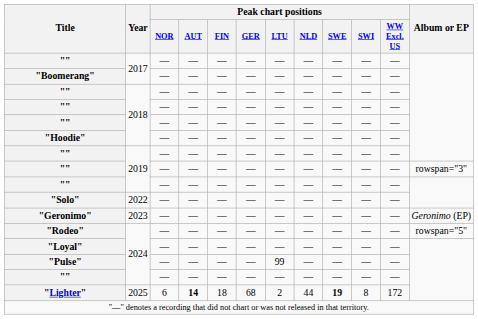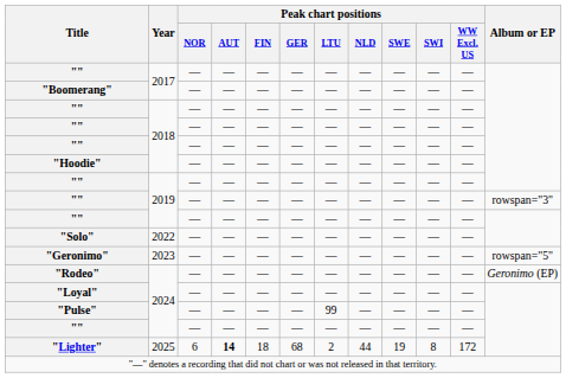 <table class="wikitable plainrowheaders" style="text-align:center;">
 <tr>
 <th scope="col" rowspan="2" style="width:12em;">Title</th>
 <th scope="col" rowspan="2">Year</th>
 <th scope="col" colspan="9">Peak chart positions</th>
 <th scope="col" rowspan="2">Album or EP</th>
 </tr>
 <tr>
 <th scope="col" style="width:3em;font-size:85%;"><a href='#'>NOR</a><br></th>
 <th scope="col" style="width:3em;font-size:85%;"><a href='#'>AUT</a><br></th>
 <th scope="col" style="width:3em;font-size:85%;"><a href='#'>FIN</a><br></th>
 <th scope="col" style="width:3em;font-size:85%;"><a href='#'>GER</a><br></th>
 <th scope="col" style="width:3em;font-size:85%;"><a href='#'>LTU</a><br></th>
 <th scope="col" style="width:3em;font-size:85%;"><a href='#'>NLD</a><br></th>
 <th scope="col" style="width:3em;font-size:85%;"><a href='#'>SWE</a><br></th>
 <th scope="col" style="width:3em;font-size:85%;"><a href='#'>SWI</a><br></th>
 <th scope="col" style="width:3em;font-size:85%;"><a href='#'>WW<br>Excl.<br>US</a><br></th>
 </tr>
 <tr>
 <th scope="row">""</th>
 <td rowspan="2">2017</td>
 <td>—</td>
 <td>—</td>
 <td>—</td>
 <td>—</td>
 <td>—</td>
 <td>—</td>
 <td>—</td>
 <td>—</td>
 <td>—</td>
 <td rowspan="7"></td>
 </tr>
 <tr>
 <th scope="row">"Boomerang"</th>
 <td>—</td>
 <td>—</td>
 <td>—</td>
 <td>—</td>
 <td>—</td>
 <td>—</td>
 <td>—</td>
 <td>—</td>
 <td>—</td>
 </tr>
 <tr>
 <th scope="row">""</th>
 <td rowspan="4">2018</td>
 <td>—</td>
 <td>—</td>
 <td>—</td>
 <td>—</td>
 <td>—</td>
 <td>—</td>
 <td>—</td>
 <td>—</td>
 <td>—</td>
 </tr>
 <tr>
 <th scope="row">""</th>
 <td>—</td>
 <td>—</td>
 <td>—</td>
 <td>—</td>
 <td>—</td>
 <td>—</td>
 <td>—</td>
 <td>—</td>
 <td>—</td>
 </tr>
 <tr>
 <th scope="row">""</th>
 <td>—</td>
 <td>—</td>
 <td>—</td>
 <td>—</td>
 <td>—</td>
 <td>—</td>
 <td>—</td>
 <td>—</td>
 <td>—</td>
 </tr>
 <tr>
 <th scope="row">"Hoodie"</th>
 <td>—</td>
 <td>—</td>
 <td>—</td>
 <td>—</td>
 <td>—</td>
 <td>—</td>
 <td>—</td>
 <td>—</td>
 <td>—</td>
 </tr>
 <tr>
 <th scope="row">""</th>
 <td rowspan="3">2019</td>
 <td>—</td>
 <td>—</td>
 <td>—</td>
 <td>—</td>
 <td>—</td>
 <td>—</td>
 <td>—</td>
 <td>—</td>
 <td>—</td>
 </tr>
 <tr>
 <th scope="row">""</th>
 <td>—</td>
 <td>—</td>
 <td>—</td>
 <td>—</td>
 <td>—</td>
 <td>—</td>
 <td>—</td>
 <td>—</td>
 <td>—</td>
 <td>rowspan="3" </td>
 </tr>
 <tr>
 <th scope="row">""</th>
 <td>—</td>
 <td>—</td>
 <td>—</td>
 <td>—</td>
 <td>—</td>
 <td>—</td>
 <td>—</td>
 <td>—</td>
 <td>—</td>
 </tr>
 <tr>
 <th scope="row">"Solo"</th>
 <td>2022</td>
 <td>—</td>
 <td>—</td>
 <td>—</td>
 <td>—</td>
 <td>—</td>
 <td>—</td>
 <td>—</td>
 <td>—</td>
 <td>—</td>
 </tr>
 <tr>
 <th scope="row">"Geronimo"<br></th>
 <td>2023</td>
 <td>—</td>
 <td>—</td>
 <td>—</td>
 <td>—</td>
 <td>—</td>
 <td>—</td>
 <td>—</td>
 <td>—</td>
 <td>—</td>
-<td><em>Geronimo</em> (EP)</td>
+<td>rowspan="5" </td>
 </tr>
 <tr>
 <th scope="row">"Rodeo"</th>
 <td rowspan="4">2024</td>
 <td>—</td>
 <td>—</td>
 <td>—</td>
 <td>—</td>
 <td>—</td>
 <td>—</td>
 <td>—</td>
 <td>—</td>
 <td>—</td>
-<td>rowspan="5" </td>
+<td><em>Geronimo</em> (EP)</td>
 </tr>
 <tr>
 <th scope="row">"Loyal"<br></th>
 <td>—</td>
 <td>—</td>
 <td>—</td>
 <td>—</td>
 <td>—</td>
 <td>—</td>
 <td>—</td>
 <td>—</td>
 <td>—</td>
 </tr>
 <tr>
 <th scope="row">"Pulse"</th>
 <td>—</td>
 <td>—</td>
 <td>—</td>
 <td>—</td>
 <td>99</td>
 <td>—</td>
 <td>—</td>
 <td>—</td>
 <td>—</td>
 </tr>
 <tr>
 <th scope="row">""<br></th>
 <td>—</td>
 <td>—</td>
 <td>—</td>
 <td>—</td>
 <td>—</td>
 <td>—</td>
 <td>—</td>
 <td>—</td>
 <td>—</td>
 </tr>
 <tr>
 <th scope="row">"<a href='#'>Lighter</a>"</th>
 <td>2025</td>
 <td>6</td>
 <td><strong>14</strong></td>
 <td>18</td>
 <td>68</td>
 <td>2</td>
 <td>44</td>
-<td><strong>19</strong></td>
+<td>19</td>
 <td>8</td>
 <td>172</td>
 </tr>
 <tr>
 <td colspan="12" style="font-size:85%">"—" denotes a recording that did not chart or was not released in that territory.</td>
 </tr>
 </table>
